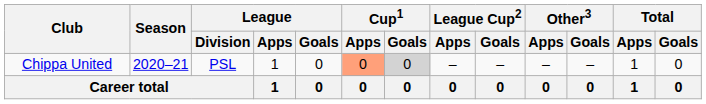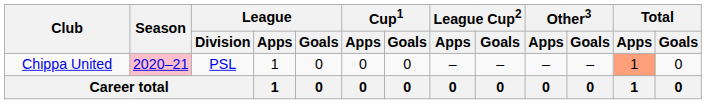 <table class="wikitable" style="text-align: center;">
 <tr>
 <th rowspan=2 style="width: 100pt;">Club</th>
 <th rowspan=2>Season</th>
 <th colspan=3>League</th>
 <th colspan="2">Cup<sup>1</sup></th>
 <th colspan="2">League Cup<sup>2</sup></th>
 <th colspan=2>Other<sup>3</sup></th>
 <th colspan=2>Total</th>
 </tr>
 <tr>
 <th>Division</th>
 <th>Apps</th>
 <th>Goals</th>
 <th>Apps</th>
 <th>Goals</th>
 <th>Apps</th>
 <th>Goals</th>
 <th>Apps</th>
 <th>Goals</th>
 <th>Apps</th>
 <th>Goals</th>
 </tr>
 <tr>
 <td rowspan="1"><a href='#'>Chippa United</a></td>
-<td><a href='#'>2020–21</a></td>
+<td style="background: pink;"><a href='#'>2020–21</a></td>
 <td rowspan="1"><a href='#'>PSL</a></td>
 <td>1</td>
 <td>0</td>
-<td style="background: lightsalmon;">0</td>
-<td style="background: lightgrey;">0</td>
+<td>0</td>
+<td>0</td>
 <td>–</td>
 <td>–</td>
 <td>–</td>
 <td>–</td>
-<td>1</td>
+<td style="background: lightsalmon;">1</td>
 <td>0</td>
 </tr>
 <tr>
 <th colspan="3">Career total</th>
 <th>1</th>
 <th>0</th>
 <th>0</th>
 <th>0</th>
 <th>0</th>
 <th>0</th>
 <th>0</th>
 <th>0</th>
 <th>1</th>
 <th>0</th>
 </tr>
 </table>
